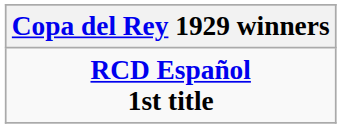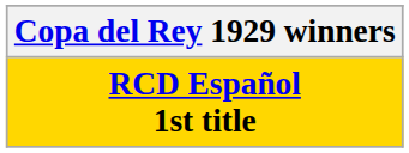 <table class="wikitable" style="text-align: center; margin: 0 auto;">
 <tr>
 <th><a href='#'>Copa del Rey</a> 1929 winners</th>
 </tr>
 <tr>
-<td><strong><a href='#'>RCD Español</a></strong><br><strong>1st title</strong></td>
+<td style="background: gold;"><strong><a href='#'>RCD Español</a></strong><br><strong>1st title</strong></td>
 </tr>
 </table>
